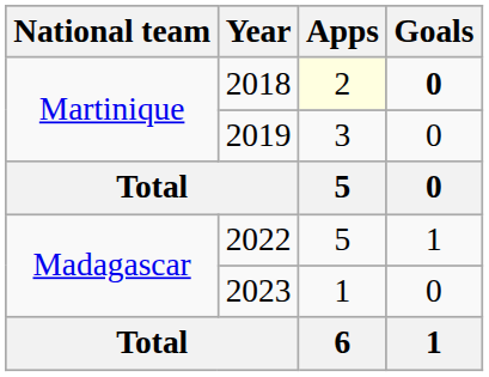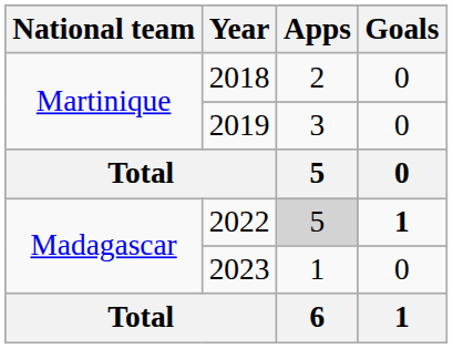 <table class="wikitable" style="text-align:center">
 <tr>
 <th>National team</th>
 <th>Year</th>
 <th>Apps</th>
 <th>Goals</th>
 </tr>
 <tr>
 <td rowspan="2"><a href='#'>Martinique</a></td>
 <td>2018</td>
-<td style="background: lightyellow;">2</td>
-<td><strong>0</strong></td>
+<td>2</td>
+<td>0</td>
 </tr>
 <tr>
 <td>2019</td>
 <td>3</td>
 <td>0</td>
 </tr>
 <tr>
 <th colspan="2">Total</th>
 <th>5</th>
 <th>0</th>
 </tr>
 <tr>
 <td rowspan="2"><a href='#'>Madagascar</a></td>
 <td>2022</td>
-<td>5</td>
-<td>1</td>
+<td style="background: lightgrey;">5</td>
+<td><strong>1</strong></td>
 </tr>
 <tr>
 <td>2023</td>
 <td>1</td>
 <td>0</td>
 </tr>
 <tr>
 <th colspan="2">Total</th>
 <th>6</th>
 <th>1</th>
 </tr>
 </table>
